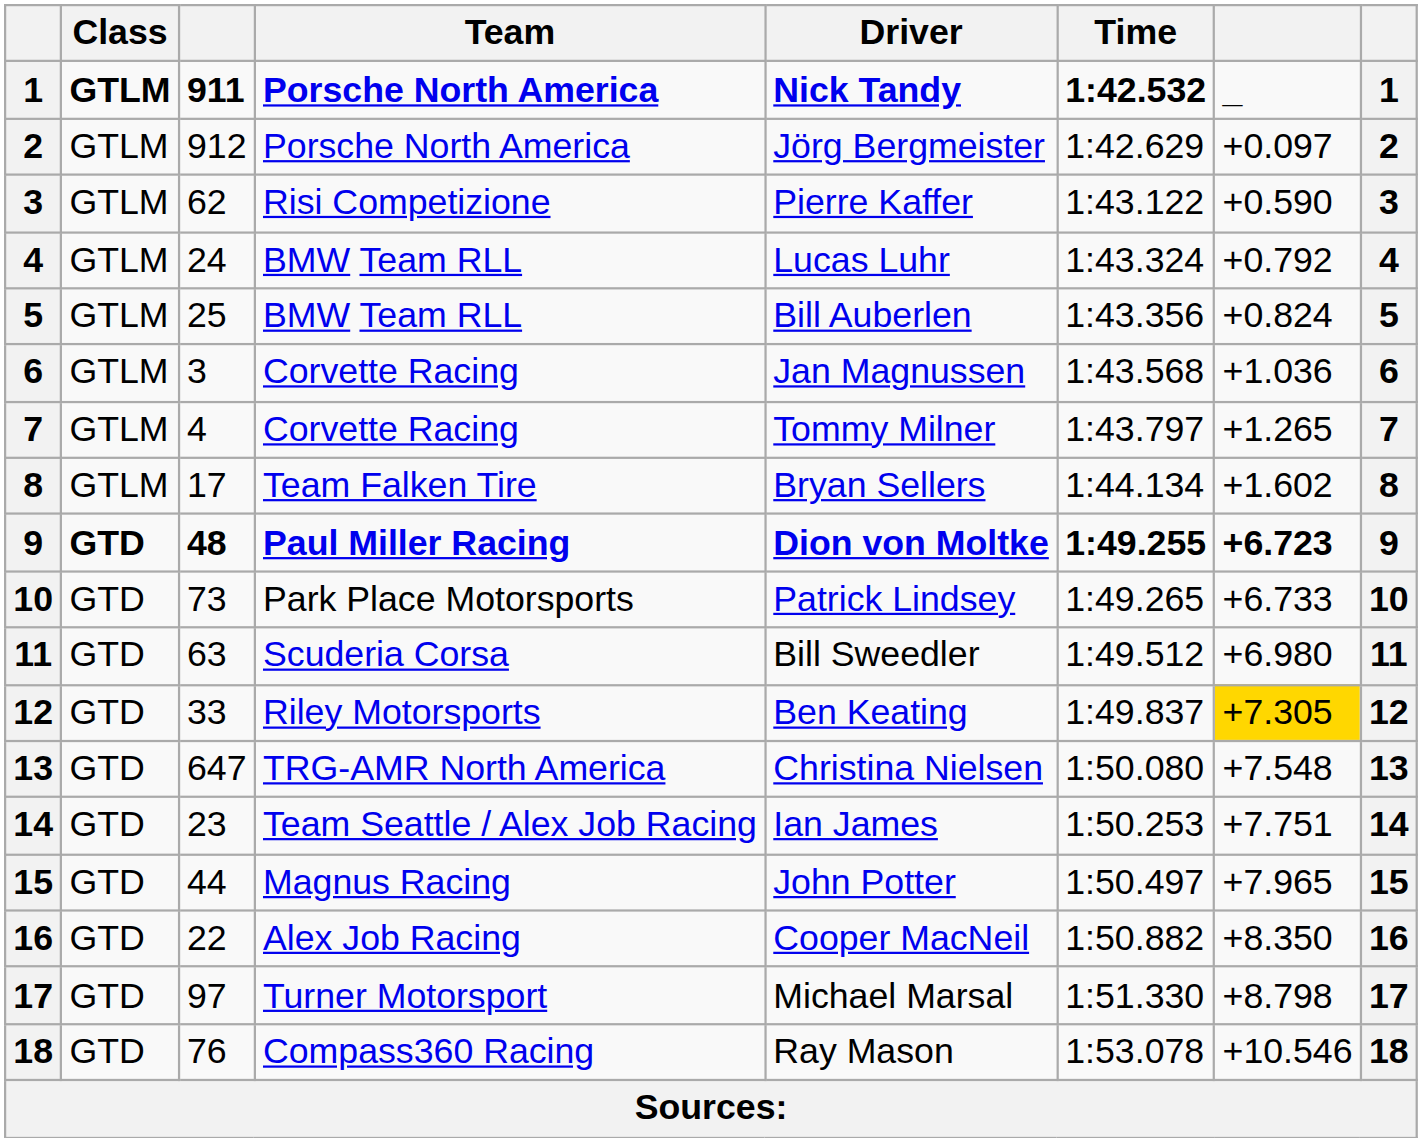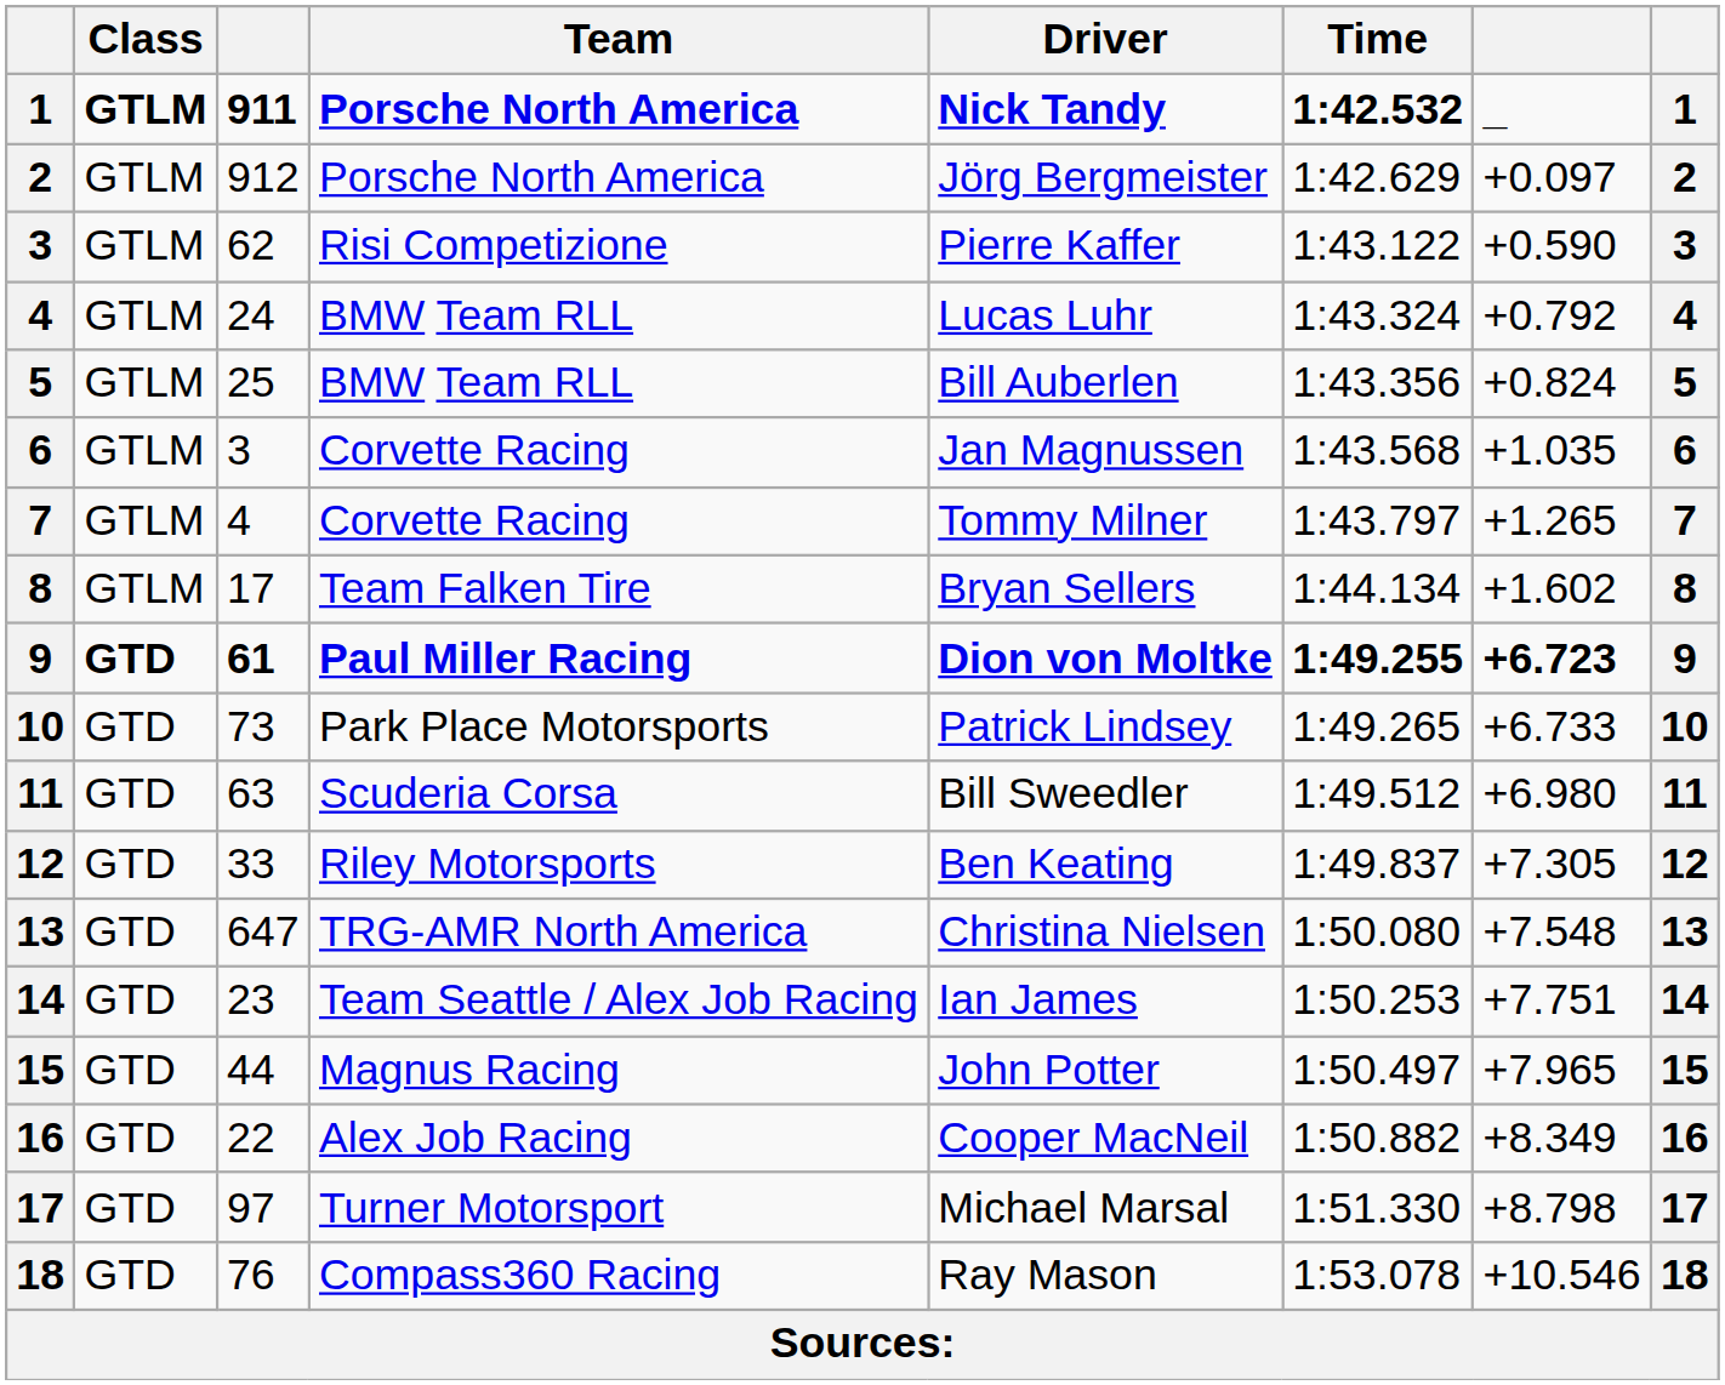 <table class="wikitable">
 <tr>
 <th></th>
 <th>Class</th>
 <th></th>
 <th>Team</th>
 <th>Driver</th>
 <th>Time</th>
 <th></th>
 <th></th>
 </tr>
 <tr>
 <th>1</th>
 <td><strong>GTLM</strong></td>
 <td><strong>911</strong></td>
 <td><strong> <a href='#'>Porsche North America</a></strong></td>
 <td><strong> <a href='#'>Nick Tandy</a></strong></td>
 <td><strong>1:42.532</strong></td>
 <td><strong>_</strong></td>
 <th>1</th>
 </tr>
 <tr>
 <th>2</th>
 <td>GTLM</td>
 <td>912</td>
 <td> <a href='#'>Porsche North America</a></td>
 <td> <a href='#'>Jörg Bergmeister</a></td>
 <td>1:42.629</td>
 <td>+0.097</td>
 <th>2</th>
 </tr>
 <tr>
 <th>3</th>
 <td>GTLM</td>
 <td>62</td>
 <td> <a href='#'>Risi Competizione</a></td>
 <td> <a href='#'>Pierre Kaffer</a></td>
 <td>1:43.122</td>
 <td>+0.590</td>
 <th>3</th>
 </tr>
 <tr>
 <th>4</th>
 <td>GTLM</td>
 <td>24</td>
 <td> <a href='#'>BMW</a> <a href='#'>Team RLL</a></td>
 <td> <a href='#'>Lucas Luhr</a></td>
 <td>1:43.324</td>
 <td>+0.792</td>
 <th>4</th>
 </tr>
 <tr>
 <th>5</th>
 <td>GTLM</td>
 <td>25</td>
 <td> <a href='#'>BMW</a> <a href='#'>Team RLL</a></td>
 <td> <a href='#'>Bill Auberlen</a></td>
 <td>1:43.356</td>
 <td>+0.824</td>
 <th>5</th>
 </tr>
 <tr>
 <th>6</th>
 <td>GTLM</td>
 <td>3</td>
 <td> <a href='#'>Corvette Racing</a></td>
 <td> <a href='#'>Jan Magnussen</a></td>
 <td>1:43.568</td>
-<td>+1.036</td>
+<td>+1.035</td>
 <th>6</th>
 </tr>
 <tr>
 <th>7</th>
 <td>GTLM</td>
 <td>4</td>
 <td> <a href='#'>Corvette Racing</a></td>
 <td> <a href='#'>Tommy Milner</a></td>
 <td>1:43.797</td>
 <td>+1.265</td>
 <th>7</th>
 </tr>
 <tr>
 <th>8</th>
 <td>GTLM</td>
 <td>17</td>
 <td> <a href='#'>Team Falken Tire</a></td>
 <td> <a href='#'>Bryan Sellers</a></td>
 <td>1:44.134</td>
 <td>+1.602</td>
 <th>8</th>
 </tr>
 <tr>
 <th>9</th>
 <td><strong>GTD</strong></td>
-<td><strong>48</strong></td>
+<td><strong>61</strong></td>
 <td><strong> <a href='#'>Paul Miller Racing</a></strong></td>
 <td><strong> <a href='#'>Dion von Moltke</a></strong></td>
 <td><strong>1:49.255</strong></td>
 <td><strong>+6.723</strong></td>
 <th>9</th>
 </tr>
 <tr>
 <th>10</th>
 <td>GTD</td>
 <td>73</td>
 <td> Park Place Motorsports</td>
 <td> <a href='#'>Patrick Lindsey</a></td>
 <td>1:49.265</td>
 <td>+6.733</td>
 <th>10</th>
 </tr>
 <tr>
 <th>11</th>
 <td>GTD</td>
 <td>63</td>
 <td> <a href='#'>Scuderia Corsa</a></td>
 <td> Bill Sweedler</td>
 <td>1:49.512</td>
 <td>+6.980</td>
 <th>11</th>
 </tr>
 <tr>
 <th>12</th>
 <td>GTD</td>
 <td>33</td>
 <td> <a href='#'>Riley Motorsports</a></td>
 <td> <a href='#'>Ben Keating</a></td>
 <td>1:49.837</td>
-<td style="background: gold;">+7.305</td>
+<td>+7.305</td>
 <th>12</th>
 </tr>
 <tr>
 <th>13</th>
 <td>GTD</td>
 <td>647</td>
 <td> <a href='#'>TRG-AMR North America</a></td>
 <td> <a href='#'>Christina Nielsen</a></td>
 <td>1:50.080</td>
 <td>+7.548</td>
 <th>13</th>
 </tr>
 <tr>
 <th>14</th>
 <td>GTD</td>
 <td>23</td>
 <td> <a href='#'>Team Seattle / Alex Job Racing</a></td>
 <td> <a href='#'>Ian James</a></td>
 <td>1:50.253</td>
 <td>+7.751</td>
 <th>14</th>
 </tr>
 <tr>
 <th>15</th>
 <td>GTD</td>
 <td>44</td>
 <td> <a href='#'>Magnus Racing</a></td>
 <td> <a href='#'>John Potter</a></td>
 <td>1:50.497</td>
 <td>+7.965</td>
 <th>15</th>
 </tr>
 <tr>
 <th>16</th>
 <td>GTD</td>
 <td>22</td>
 <td> <a href='#'>Alex Job Racing</a></td>
 <td> <a href='#'>Cooper MacNeil</a></td>
 <td>1:50.882</td>
-<td>+8.350</td>
+<td>+8.349</td>
 <th>16</th>
 </tr>
 <tr>
 <th>17</th>
 <td>GTD</td>
 <td>97</td>
 <td> <a href='#'>Turner Motorsport</a></td>
 <td> Michael Marsal</td>
 <td>1:51.330</td>
 <td>+8.798</td>
 <th>17</th>
 </tr>
 <tr>
 <th>18</th>
 <td>GTD</td>
 <td>76</td>
 <td> <a href='#'>Compass360 Racing</a></td>
 <td> Ray Mason</td>
 <td>1:53.078</td>
 <td>+10.546</td>
 <th>18</th>
 </tr>
 <tr>
 <th colspan="8">Sources:</th>
 </tr>
 </table>
